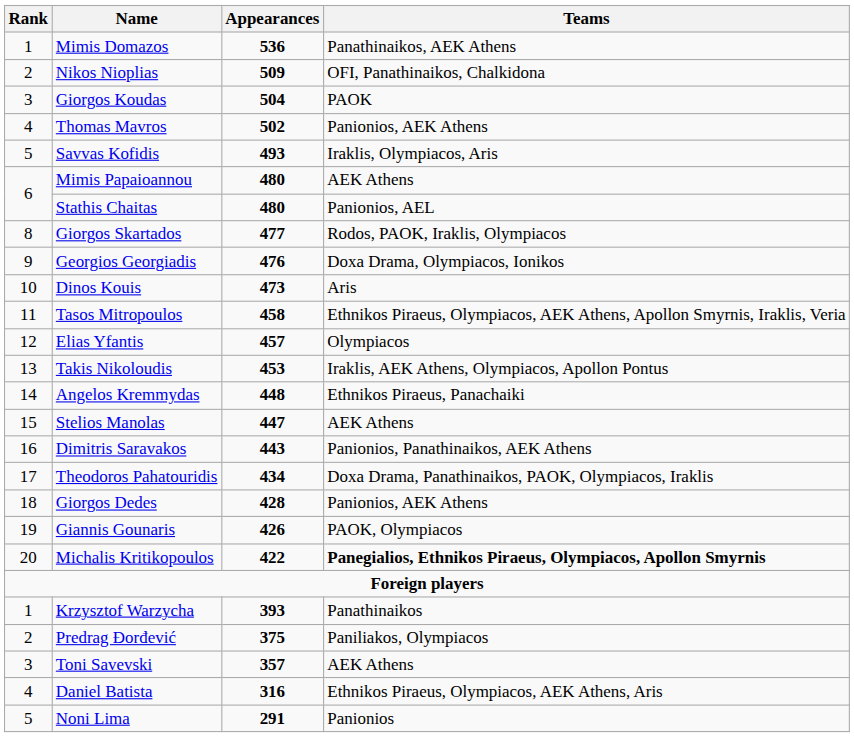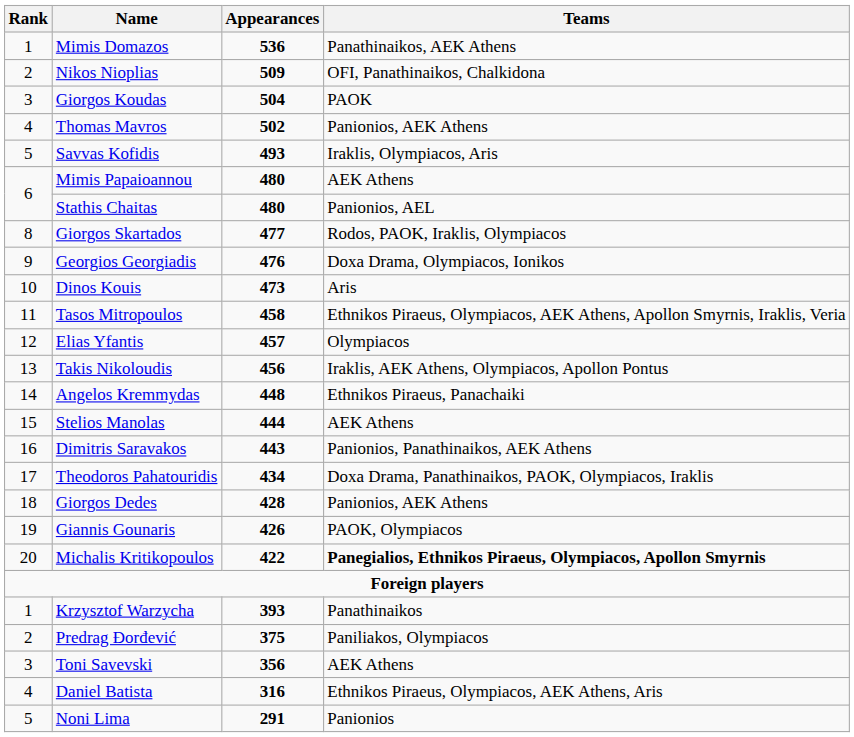 <table class="wikitable" style="text-align:center; display:inline-table;">
 <tr>
 <th>Rank</th>
 <th>Name</th>
 <th>Appearances</th>
 <th>Teams</th>
 </tr>
 <tr>
 <td>1</td>
 <td style="text-align:left"><a href='#'>Mimis Domazos</a></td>
 <td><strong>536</strong></td>
 <td style="text-align:left">Panathinaikos, AEK Athens</td>
 </tr>
 <tr>
 <td>2</td>
 <td style="text-align:left"><a href='#'>Nikos Nioplias</a></td>
 <td><strong>509</strong></td>
 <td style="text-align:left">OFI, Panathinaikos, Chalkidona</td>
 </tr>
 <tr>
 <td>3</td>
 <td style="text-align:left"><a href='#'>Giorgos Koudas</a></td>
 <td><strong>504</strong></td>
 <td style="text-align:left">PAOK</td>
 </tr>
 <tr>
 <td>4</td>
 <td style="text-align:left"><a href='#'>Thomas Mavros</a></td>
 <td><strong>502</strong></td>
 <td style="text-align:left">Panionios, AEK Athens</td>
 </tr>
 <tr>
 <td>5</td>
 <td style="text-align:left"><a href='#'>Savvas Kofidis</a></td>
 <td><strong>493</strong></td>
 <td style="text-align:left">Iraklis, Olympiacos, Aris</td>
 </tr>
 <tr>
 <td rowspan="2">6</td>
 <td style="text-align:left"><a href='#'>Mimis Papaioannou</a></td>
 <td><strong>480</strong></td>
 <td style="text-align:left">AEK Athens</td>
 </tr>
 <tr>
 <td style="text-align:left"><a href='#'>Stathis Chaitas</a></td>
 <td><strong>480</strong></td>
 <td style="text-align:left">Panionios, AEL</td>
 </tr>
 <tr>
 <td>8</td>
 <td style="text-align:left"><a href='#'>Giorgos Skartados</a></td>
 <td><strong>477</strong></td>
 <td style="text-align:left">Rodos, PAOK, Iraklis, Olympiacos</td>
 </tr>
 <tr>
 <td>9</td>
 <td style="text-align:left"><a href='#'>Georgios Georgiadis</a></td>
 <td><strong>476</strong></td>
 <td style="text-align:left">Doxa Drama, Olympiacos, Ionikos</td>
 </tr>
 <tr>
 <td>10</td>
 <td style="text-align:left"><a href='#'>Dinos Kouis</a></td>
 <td><strong>473</strong></td>
 <td style="text-align:left">Aris</td>
 </tr>
 <tr>
 <td>11</td>
 <td style="text-align:left"><a href='#'>Tasos Mitropoulos</a></td>
 <td><strong>458</strong></td>
 <td style="text-align:left">Ethnikos Piraeus, Olympiacos, AEK Athens, Apollon Smyrnis, Iraklis, Veria</td>
 </tr>
 <tr>
 <td>12</td>
 <td style="text-align:left"><a href='#'>Elias Yfantis</a></td>
 <td><strong>457</strong></td>
 <td style="text-align:left">Olympiacos</td>
 </tr>
 <tr>
 <td>13</td>
 <td style="text-align:left"><a href='#'>Takis Nikoloudis</a></td>
-<td><strong>453</strong></td>
+<td><strong>456</strong></td>
 <td style="text-align:left">Iraklis, AEK Athens, Olympiacos, Apollon Pontus</td>
 </tr>
 <tr>
 <td>14</td>
 <td style="text-align:left"><a href='#'>Angelos Kremmydas</a></td>
 <td><strong>448</strong></td>
 <td style="text-align:left">Ethnikos Piraeus, Panachaiki</td>
 </tr>
 <tr>
 <td>15</td>
 <td style="text-align:left"><a href='#'>Stelios Manolas</a></td>
-<td><strong>447</strong></td>
+<td><strong>444</strong></td>
 <td style="text-align:left">AEK Athens</td>
 </tr>
 <tr>
 <td>16</td>
 <td style="text-align:left"><a href='#'>Dimitris Saravakos</a></td>
 <td><strong>443</strong></td>
 <td style="text-align:left">Panionios, Panathinaikos, AEK Athens</td>
 </tr>
 <tr>
 <td>17</td>
 <td style="text-align:left"><a href='#'>Theodoros Pahatouridis</a></td>
 <td><strong>434</strong></td>
 <td style="text-align:left">Doxa Drama, Panathinaikos, PAOK, Olympiacos, Iraklis</td>
 </tr>
 <tr>
 <td>18</td>
 <td style="text-align:left"><a href='#'>Giorgos Dedes</a></td>
 <td><strong>428</strong></td>
 <td style="text-align:left">Panionios, AEK Athens</td>
 </tr>
 <tr>
 <td>19</td>
 <td style="text-align:left"><a href='#'>Giannis Gounaris</a></td>
 <td><strong>426</strong></td>
 <td style="text-align:left">PAOK, Olympiacos</td>
 </tr>
 <tr>
 <td>20</td>
 <td style="text-align:left"><a href='#'>Michalis Kritikopoulos</a></td>
 <td><strong>422</strong></td>
 <td style="text-align:left"><strong>Panegialios, Ethnikos Piraeus, Olympiacos, Apollon Smyrnis</strong></td>
 </tr>
 <tr>
 <td colspan="4"><strong>Foreign players</strong></td>
 </tr>
 <tr>
 <td>1</td>
 <td style="text-align:left"><a href='#'>Krzysztof Warzycha</a></td>
 <td><strong>393</strong></td>
 <td style="text-align:left">Panathinaikos</td>
 </tr>
 <tr>
 <td>2</td>
 <td style="text-align:left"><a href='#'>Predrag Đorđević</a></td>
 <td><strong>375</strong></td>
 <td style="text-align:left">Paniliakos, Olympiacos</td>
 </tr>
 <tr>
 <td>3</td>
 <td style="text-align:left"><a href='#'>Toni Savevski</a></td>
-<td><strong>357</strong></td>
+<td><strong>356</strong></td>
 <td style="text-align:left">AEK Athens</td>
 </tr>
 <tr>
 <td>4</td>
 <td style="text-align:left"><a href='#'>Daniel Batista</a></td>
 <td><strong>316</strong></td>
 <td style="text-align:left">Ethnikos Piraeus, Olympiacos, AEK Athens, Aris</td>
 </tr>
 <tr>
 <td>5</td>
 <td style="text-align:left"><a href='#'>Noni Lima</a></td>
 <td><strong>291</strong></td>
 <td style="text-align:left">Panionios</td>
 </tr>
 </table>
